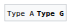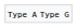 <table align="right" style="margin-left:1em; border: 1px solid #c8ccd1;     background-color: #f8f9fa;">
 <tr>
 <td></td>
 <td></td>
 </tr>
 <tr style="font-size:smaller; text-align:center">
 <td>Type A</td>
-<td><strong>Type G</strong></td>
+<td>Type G</td>
 </tr>
 </table>
